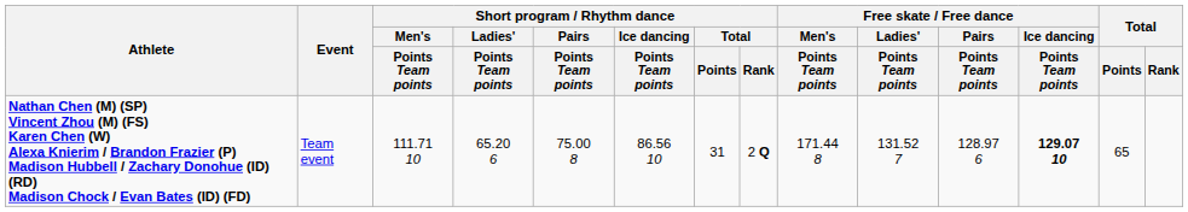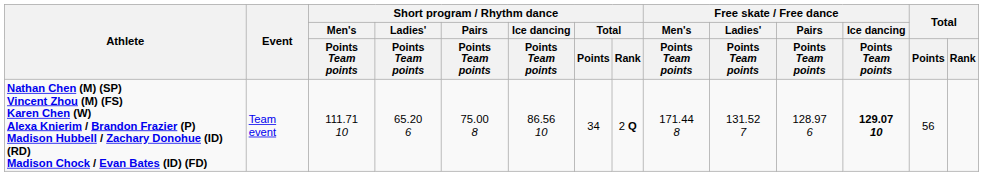 <table class=wikitable style=font-size:90%>
 <tr>
 <th rowspan=3>Athlete</th>
 <th rowspan=3>Event</th>
 <th colspan=6>Short program / Rhythm dance</th>
 <th colspan=4>Free skate / Free dance</th>
 <th colspan=2 rowspan=2>Total</th>
 </tr>
 <tr style=font-size:95%>
 <th>Men's</th>
 <th>Ladies'</th>
 <th>Pairs</th>
 <th>Ice dancing</th>
 <th colspan=2>Total</th>
 <th>Men's</th>
 <th>Ladies'</th>
 <th>Pairs</th>
 <th>Ice dancing</th>
 </tr>
 <tr style=font-size:95%>
 <th>Points<br><em>Team points</em></th>
 <th>Points<br><em>Team points</em></th>
 <th>Points<br><em>Team points</em></th>
 <th>Points<br><em>Team points</em></th>
 <th>Points</th>
 <th>Rank</th>
 <th>Points<br><em>Team points</em></th>
 <th>Points<br><em>Team points</em></th>
 <th>Points<br><em>Team points</em></th>
 <th>Points<br><em>Team points</em></th>
 <th>Points</th>
 <th>Rank</th>
 </tr>
 <tr align=center>
 <td align=left><strong><a href='#'>Nathan Chen</a> (M) (SP)<br><a href='#'>Vincent Zhou</a> (M) (FS)<br><a href='#'>Karen Chen</a> (W)<br><a href='#'>Alexa Knierim</a> / <a href='#'>Brandon Frazier</a> (P)<br><a href='#'>Madison Hubbell</a> / <a href='#'>Zachary Donohue</a> (ID) (RD)<br><a href='#'>Madison Chock</a> / <a href='#'>Evan Bates</a> (ID) (FD)</strong></td>
 <td align=left><a href='#'>Team event</a></td>
 <td>111.71<br><em>10</em></td>
 <td>65.20<br><em>6</em></td>
 <td>75.00<br><em>8</em></td>
 <td>86.56<br><em>10</em></td>
-<td>31</td>
+<td>34</td>
 <td>2 <strong>Q</strong></td>
 <td>171.44<br><em>8</em></td>
 <td>131.52<br><em>7</em></td>
 <td>128.97<br><em>6</em></td>
 <td><strong>129.07<br><em>10</em></strong></td>
-<td>65</td>
+<td>56</td>
 <td></td>
 </tr>
 </table>
